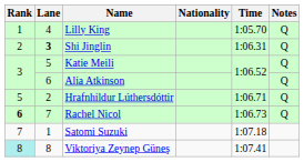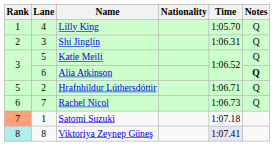 <table class="wikitable sortable" style="text-align:center">
 <tr>
 <th>Rank</th>
 <th>Lane</th>
 <th>Name</th>
 <th>Nationality</th>
 <th>Time</th>
 <th>Notes</th>
 </tr>
 <tr bgcolor=ccffcc>
 <td>1</td>
 <td>4</td>
 <td align=left><a href='#'>Lilly King</a></td>
 <td align=left></td>
 <td>1:05.70</td>
 <td>Q</td>
 </tr>
 <tr bgcolor=ccffcc>
 <td>2</td>
-<td><strong>3</strong></td>
+<td>3</td>
 <td align=left><a href='#'>Shi Jinglin</a></td>
 <td align=left></td>
 <td>1:06.31</td>
 <td>Q</td>
 </tr>
 <tr bgcolor=ccffcc>
 <td rowspan=2>3</td>
 <td>5</td>
 <td align=left><a href='#'>Katie Meili</a></td>
 <td align=left></td>
 <td rowspan=2>1:06.52</td>
 <td>Q</td>
 </tr>
 <tr bgcolor=ccffcc>
 <td>6</td>
 <td align=left><a href='#'>Alia Atkinson</a></td>
 <td align=left></td>
-<td>Q</td>
+<td><strong>Q</strong></td>
 </tr>
 <tr bgcolor=ccffcc>
 <td>5</td>
 <td>2</td>
 <td align=left><a href='#'>Hrafnhildur Lúthersdóttir</a></td>
 <td align=left></td>
 <td>1:06.71</td>
 <td>Q</td>
 </tr>
 <tr bgcolor=ccffcc>
-<td><strong>6</strong></td>
+<td>6</td>
 <td>7</td>
 <td align=left><a href='#'>Rachel Nicol</a></td>
 <td align=left></td>
 <td>1:06.73</td>
 <td>Q</td>
 </tr>
 <tr>
-<td>7</td>
+<td style="background: lightsalmon;">7</td>
 <td>1</td>
 <td align=left><a href='#'>Satomi Suzuki</a></td>
 <td align=left></td>
 <td>1:07.18</td>
 <td></td>
 </tr>
 <tr>
 <td style="background: paleturquoise;">8</td>
 <td>8</td>
 <td align=left><a href='#'>Viktoriya Zeynep Güneş</a></td>
 <td align=left></td>
-<td>1:07.41</td>
+<td style="background: lavender;">1:07.41</td>
 <td></td>
 </tr>
 </table>
